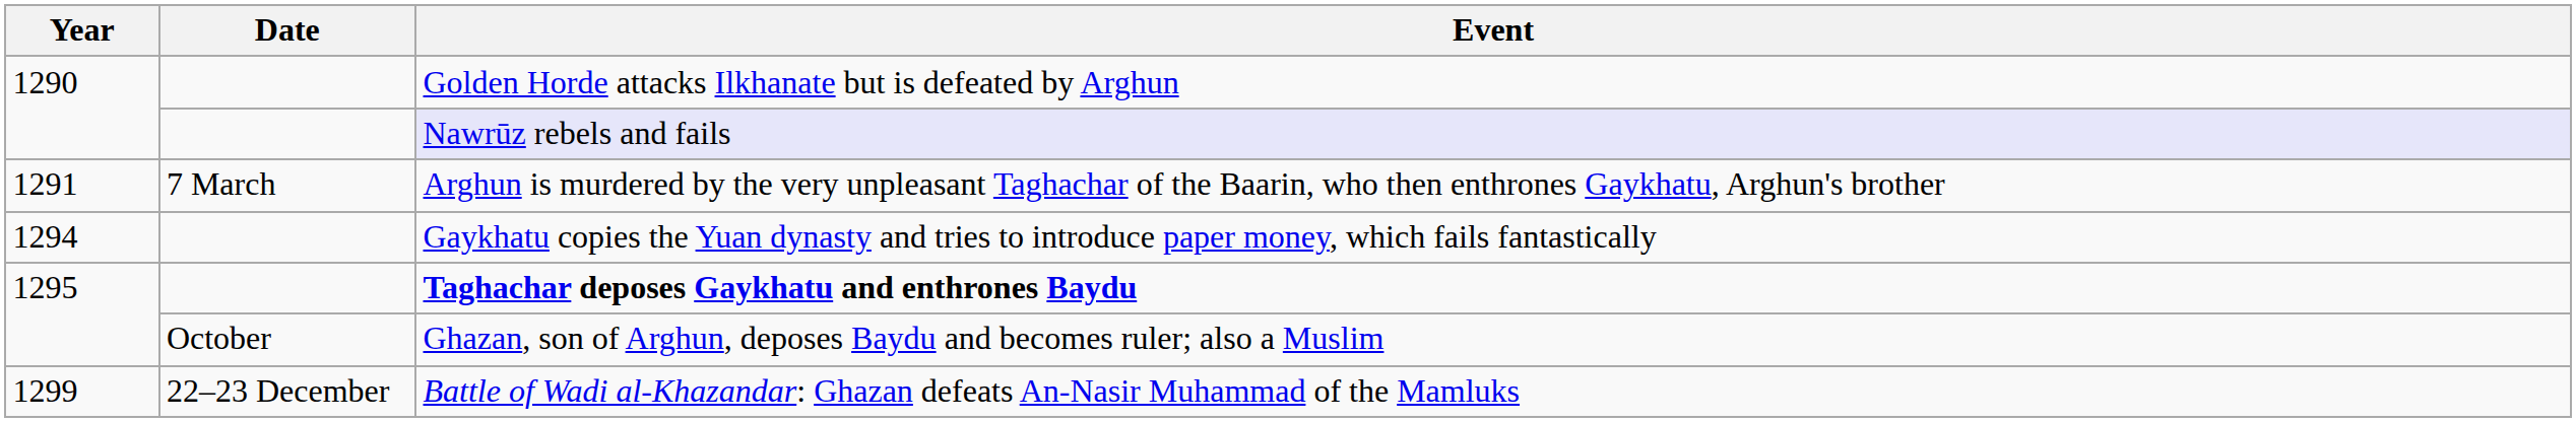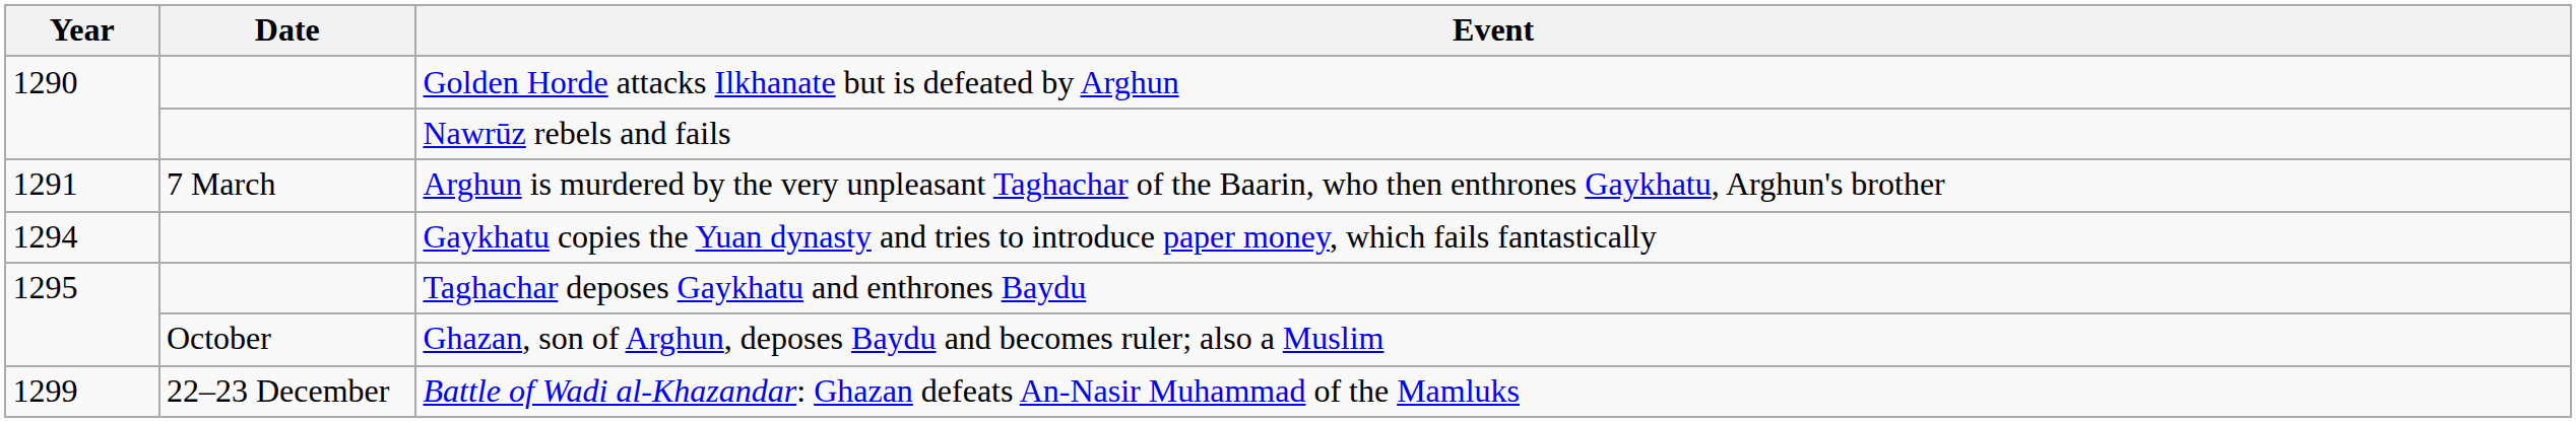 <table class="wikitable" width="100%">
 <tr>
 <th style="width:6%">Year</th>
 <th style="width:10%">Date</th>
 <th>Event</th>
 </tr>
 <tr>
 <td rowspan="2" valign="top">1290</td>
 <td></td>
 <td><a href='#'>Golden Horde</a> attacks <a href='#'>Ilkhanate</a> but is defeated by <a href='#'>Arghun</a></td>
 </tr>
 <tr>
 <td></td>
-<td style="background: lavender;"><a href='#'>Nawrūz</a> rebels and fails</td>
+<td><a href='#'>Nawrūz</a> rebels and fails</td>
 </tr>
 <tr>
 <td>1291</td>
 <td>7 March</td>
 <td><a href='#'>Arghun</a> is murdered by the very unpleasant <a href='#'>Taghachar</a> of the Baarin, who then enthrones <a href='#'>Gaykhatu</a>, Arghun's brother</td>
 </tr>
 <tr>
 <td>1294</td>
 <td></td>
 <td><a href='#'>Gaykhatu</a> copies the <a href='#'>Yuan dynasty</a> and tries to introduce <a href='#'>paper money</a>, which fails fantastically</td>
 </tr>
 <tr>
 <td rowspan="2" valign="top">1295</td>
 <td></td>
-<td><strong><a href='#'>Taghachar</a> deposes <a href='#'>Gaykhatu</a> and enthrones <a href='#'>Baydu</a></strong></td>
+<td><a href='#'>Taghachar</a> deposes <a href='#'>Gaykhatu</a> and enthrones <a href='#'>Baydu</a></td>
 </tr>
 <tr>
 <td>October</td>
 <td><a href='#'>Ghazan</a>, son of <a href='#'>Arghun</a>, deposes <a href='#'>Baydu</a> and becomes ruler; also a <a href='#'>Muslim</a></td>
 </tr>
 <tr>
 <td>1299</td>
 <td>22–23 December</td>
 <td><em><a href='#'>Battle of Wadi al-Khazandar</a></em>: <a href='#'>Ghazan</a> defeats <a href='#'>An-Nasir Muhammad</a> of the <a href='#'>Mamluks</a></td>
 </tr>
 </table>
